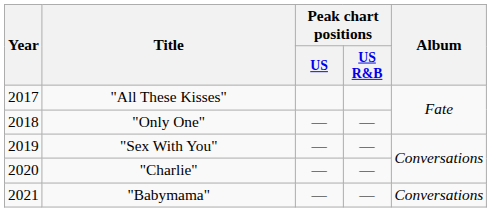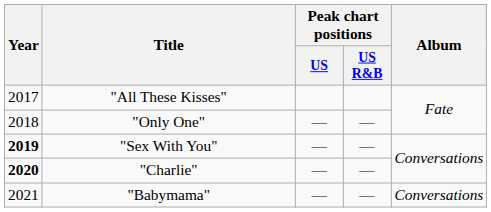 <table class="wikitable plainrowheaders" style="text-align:center;">
 <tr>
 <th scope="col" rowspan="2">Year</th>
 <th scope="col" rowspan="2" style="width:16em;">Title</th>
 <th scope="col" colspan="2">Peak chart positions</th>
 <th scope="col" rowspan="2">Album</th>
 </tr>
 <tr>
 <th scope="col" style="width:3em;font-size:90%;"><a href='#'>US</a></th>
 <th scope="col" style="width:3em;font-size:90%;"><a href='#'>US R&B</a></th>
 </tr>
 <tr>
 <td>2017</td>
 <td>"All These Kisses"</td>
 <td></td>
 <td></td>
 <td rowspan="2"><em>Fate</em></td>
 </tr>
 <tr>
 <td>2018</td>
 <td>"Only One"</td>
 <td>—</td>
 <td>—</td>
 </tr>
 <tr>
-<td>2019</td>
+<td><strong>2019</strong></td>
 <td>"Sex With You"</td>
 <td>—</td>
 <td>—</td>
 <td rowspan="2"><em>Conversations</em></td>
 </tr>
 <tr>
-<td>2020</td>
+<td><strong>2020</strong></td>
 <td>"Charlie"</td>
 <td>—</td>
 <td>—</td>
 </tr>
 <tr>
 <td>2021</td>
 <td>"Babymama"</td>
 <td>—</td>
 <td>—</td>
 <td rowspan="2"><em>Conversations</em></td>
 </tr>
 </table>
